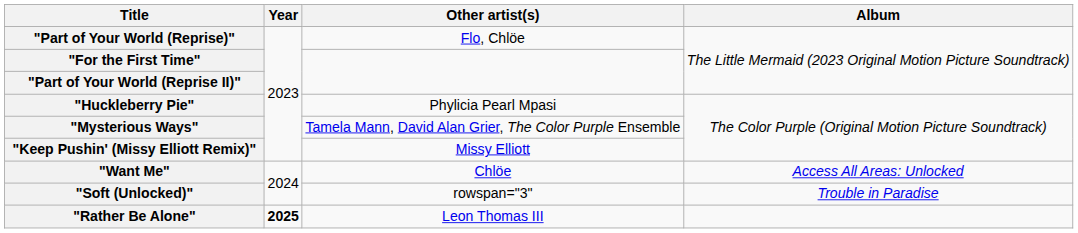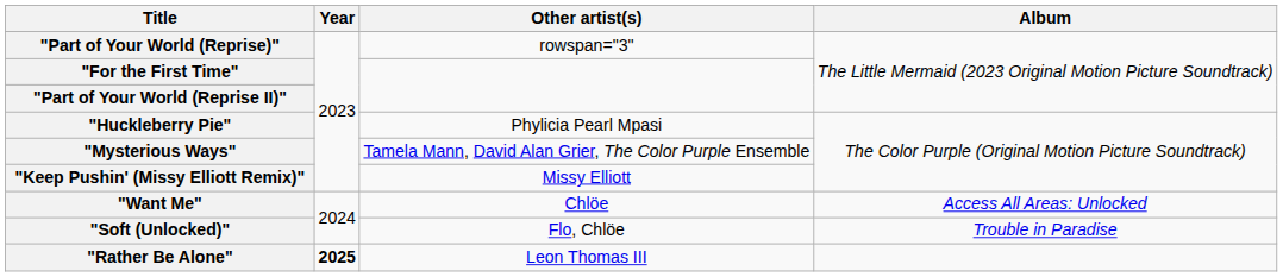 <table class="wikitable plainrowheaders" style="text-align:center;">
 <tr>
 <th scope="col" style="width:18em;">Title</th>
 <th>Year</th>
 <th scope="col">Other artist(s)</th>
 <th scope="col">Album</th>
 </tr>
 <tr>
 <th scope="row">"Part of Your World (Reprise)"</th>
 <td rowspan="6">2023</td>
-<td><a href='#'>Flo</a>, Chlöe</td>
+<td>rowspan="3" </td>
 <td rowspan="3"><em>The Little Mermaid (2023 Original Motion Picture Soundtrack)</em></td>
 </tr>
 <tr>
 <th scope="row">"For the First Time"</th>
 </tr>
 <tr>
 <th scope="row">"Part of Your World (Reprise II)"</th>
 </tr>
 <tr>
 <th scope="row">"Huckleberry Pie"</th>
 <td>Phylicia Pearl Mpasi</td>
 <td rowspan="3"><em>The Color Purple (Original Motion Picture Soundtrack)</em></td>
 </tr>
 <tr>
 <th scope="row">"Mysterious Ways"</th>
 <td><a href='#'>Tamela Mann</a>, <a href='#'>David Alan Grier</a>, <em>The Color Purple</em> Ensemble</td>
 </tr>
 <tr>
 <th scope="row">"Keep Pushin' (Missy Elliott Remix)"</th>
 <td><a href='#'>Missy Elliott</a></td>
 </tr>
 <tr>
 <th scope="row">"Want Me"</th>
 <td rowspan="2">2024</td>
 <td><a href='#'>Chlöe</a></td>
 <td><em><a href='#'>Access All Areas: Unlocked</a></em></td>
 </tr>
 <tr>
 <th scope="row">"Soft (Unlocked)"</th>
-<td>rowspan="3" </td>
+<td><a href='#'>Flo</a>, Chlöe</td>
 <td><em><a href='#'>Trouble in Paradise</a></em></td>
 </tr>
 <tr>
 <th scope="row">"Rather Be Alone"</th>
 <td><strong>2025</strong></td>
 <td><a href='#'>Leon Thomas III</a></td>
 <td></td>
 </tr>
 </table>
